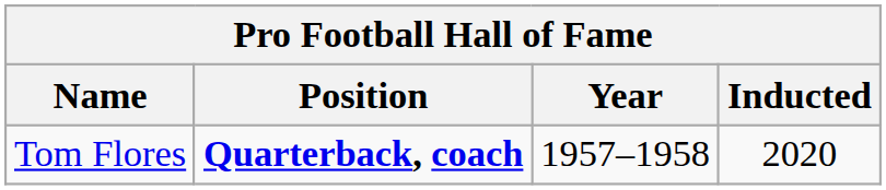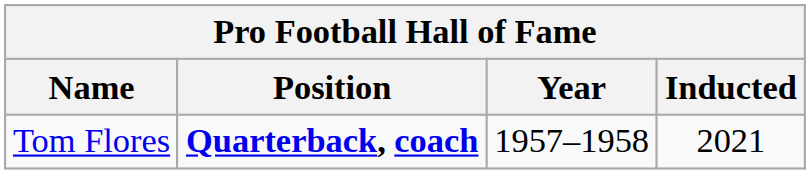 <table class="wikitable">
 <tr align="center">
 <th colspan=5>Pro Football Hall of Fame</th>
 </tr>
 <tr>
 <th>Name</th>
 <th>Position</th>
 <th>Year</th>
 <th>Inducted</th>
 </tr>
 <tr align="center" bgcolor="">
 <td><a href='#'>Tom Flores</a></td>
 <td><strong><a href='#'>Quarterback</a>, <a href='#'>coach</a></strong></td>
 <td>1957–1958</td>
-<td>2020</td>
+<td>2021</td>
 </tr>
 </table>
